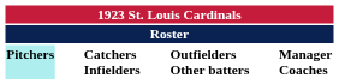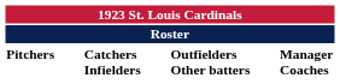 <table class="toccolours" style="font-size: 95%;">
 <tr>
 <th colspan="10" style="background-color: #c41c3a; color: white; text-align: center;">1923 St. Louis Cardinals</th>
 </tr>
 <tr>
 <td colspan="10" style="background-color: #0a2252; color: white; text-align: center;"><strong>Roster</strong></td>
 </tr>
 <tr>
-<td valign="top" style="background: paleturquoise;"><strong>Pitchers</strong><br>          </td>
+<td valign="top"><strong>Pitchers</strong><br>          </td>
 <td width="25px"></td>
 <td valign="top"><strong>Catchers</strong><br>     <strong>Infielders</strong>          </td>
 <td width="25px"></td>
 <td valign="top"><strong>Outfielders</strong><br>          <strong>Other batters</strong> </td>
 <td width="25px"></td>
 <td valign="top"><strong>Manager</strong><br> <strong>Coaches</strong>  </td>
 </tr>
 </table>
